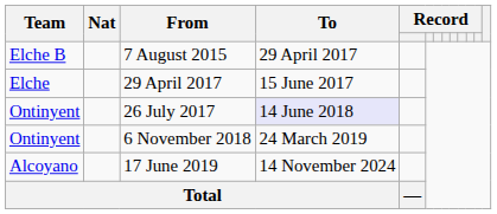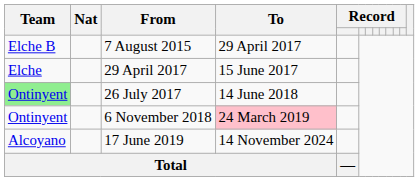 <table class="wikitable" style="text-align: center">
 <tr>
 <th rowspan="2">Team</th>
 <th rowspan="2">Nat</th>
 <th rowspan="2">From</th>
 <th rowspan="2">To</th>
 <th colspan="8">Record</th>
 <th rowspan=2></th>
 </tr>
 <tr>
 <th></th>
 <th></th>
 <th></th>
 <th></th>
 <th></th>
 <th></th>
 <th></th>
 <th></th>
 </tr>
 <tr>
 <td align=left><a href='#'>Elche B</a></td>
 <td></td>
 <td align=left>7 August 2015</td>
 <td align=left>29 April 2017<br></td>
 <td></td>
 </tr>
 <tr>
 <td align=left><a href='#'>Elche</a></td>
 <td></td>
 <td align=left>29 April 2017</td>
 <td align=left>15 June 2017<br></td>
 <td></td>
 </tr>
 <tr>
-<td align=left><a href='#'>Ontinyent</a></td>
+<td align=left style="background: lightgreen;"><a href='#'>Ontinyent</a></td>
 <td></td>
 <td align=left>26 July 2017</td>
-<td align=left style="background: lavender;">14 June 2018<br></td>
+<td align=left>14 June 2018<br></td>
 <td></td>
 </tr>
 <tr>
 <td align=left><a href='#'>Ontinyent</a></td>
 <td></td>
 <td align=left>6 November 2018</td>
-<td align=left>24 March 2019<br></td>
+<td align=left style="background: pink;">24 March 2019<br></td>
 <td></td>
 </tr>
 <tr>
 <td align=left><a href='#'>Alcoyano</a></td>
 <td></td>
 <td align=left>17 June 2019</td>
 <td align=left>14 November 2024<br></td>
 <td></td>
 </tr>
 <tr>
 <th colspan="4">Total<br></th>
 <th>—</th>
 </tr>
 </table>
